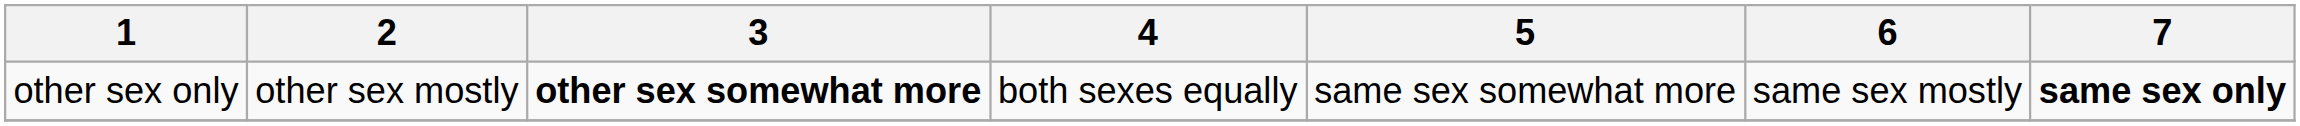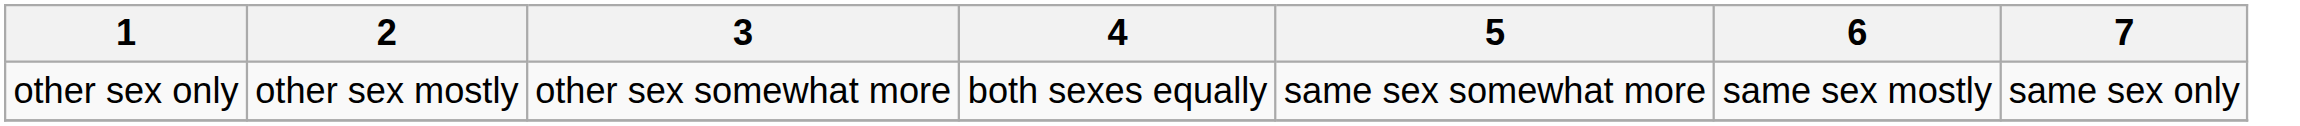 <table class="wikitable">
 <tr>
 <th>1</th>
 <th>2</th>
 <th>3</th>
 <th>4</th>
 <th>5</th>
 <th>6</th>
 <th>7</th>
 </tr>
 <tr>
 <td>other sex only</td>
 <td>other sex mostly</td>
-<td><strong>other sex somewhat more</strong></td>
+<td>other sex somewhat more</td>
 <td>both sexes equally</td>
 <td>same sex somewhat more</td>
 <td>same sex mostly</td>
-<td><strong>same sex only</strong></td>
+<td>same sex only</td>
 </tr>
 <tr>
 </tr>
 </table>
